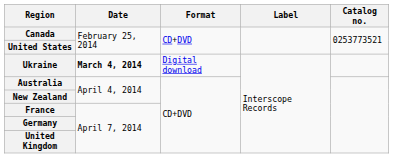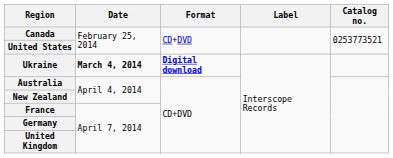 <table class="wikitable plainrowheaders">
 <tr>
 <th scope="col">Region</th>
 <th scope="col">Date</th>
 <th scope="col">Format</th>
 <th scope="col">Label</th>
 <th scope="col">Catalog no.</th>
 </tr>
 <tr>
 <th scope="row">Canada</th>
 <td rowspan="2">February 25, 2014</td>
 <td rowspan="2"><a href='#'>CD</a>+<a href='#'>DVD</a></td>
 <td rowspan="2"></td>
 <td rowspan="2">0253773521</td>
 </tr>
 <tr>
 <th scope="row">United States</th>
 </tr>
 <tr>
 <th scope="row">Ukraine</th>
 <td><strong>March 4, 2014</strong></td>
-<td><a href='#'>Digital download</a></td>
+<td><strong><a href='#'>Digital download</a></strong></td>
 <td rowspan="6">Interscope Records</td>
 <td></td>
 </tr>
 <tr>
 <th scope="row">Australia</th>
 <td rowspan="2">April 4, 2014</td>
 <td rowspan="5">CD+DVD</td>
 <td rowspan="5"></td>
 </tr>
 <tr>
 <th scope="row">New Zealand</th>
 </tr>
 <tr>
 <th scope="row">France</th>
 <td rowspan="3">April 7, 2014</td>
 </tr>
 <tr>
 <th scope="row">Germany</th>
 </tr>
 <tr>
 <th scope="row">United Kingdom</th>
 </tr>
 </table>
